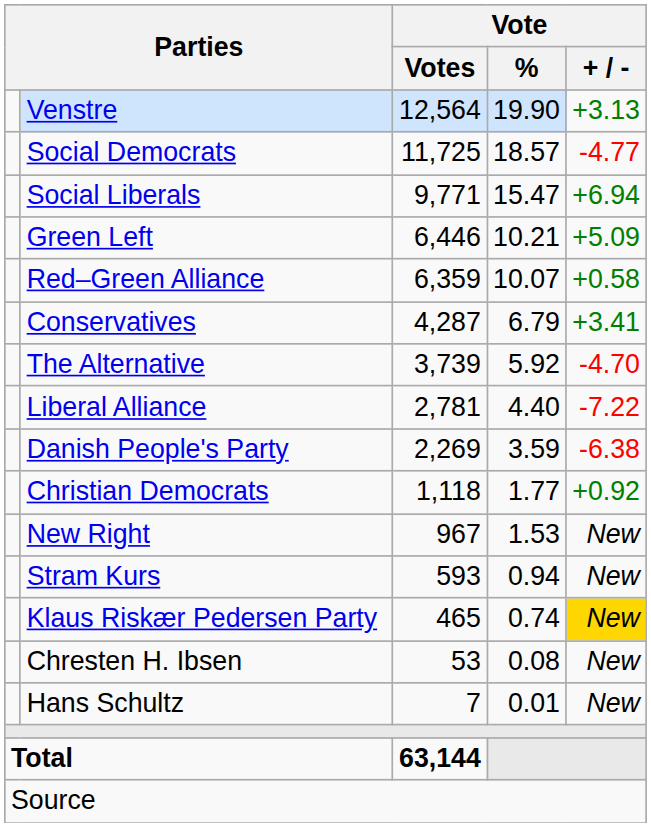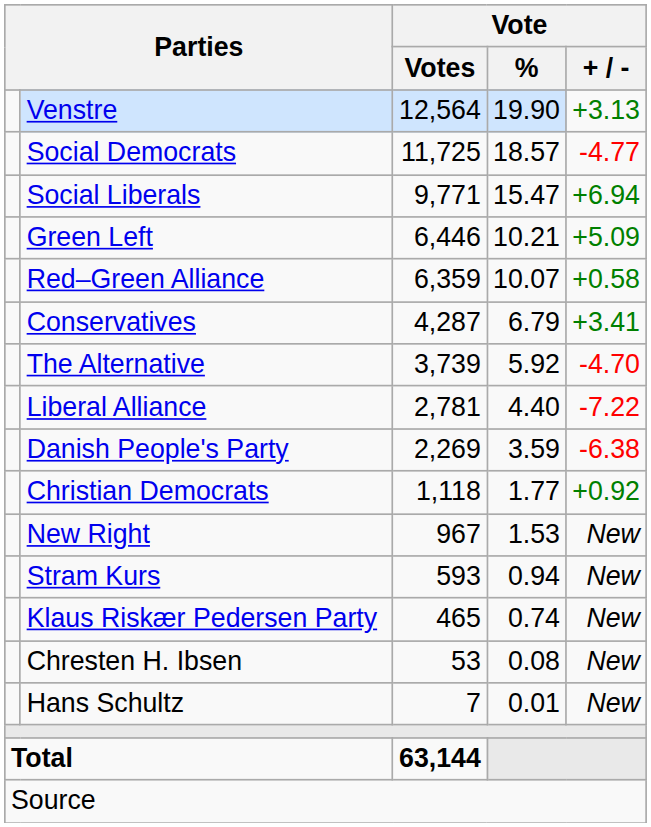 <table class="wikitable" style="text-align:right;">
 <tr>
 <th style="text-align:centre;" rowspan="2" colspan="2" width="225">Parties</th>
 <th colspan="3">Vote</th>
 </tr>
 <tr>
 <th width="15">Votes</th>
 <th width="15">%</th>
 <th width="15">+ / -</th>
 </tr>
 <tr>
 <td width="2" style="color:inherit;background:"></td>
 <td bgcolor=#cfe5fe  align="left"><a href='#'>Venstre</a></td>
 <td bgcolor=#cfe5fe>12,564</td>
 <td bgcolor=#cfe5fe>19.90</td>
 <td style=color:green;>+3.13</td>
 </tr>
 <tr>
 <td width="2" style="color:inherit;background:"></td>
 <td align="left"><a href='#'>Social Democrats</a></td>
 <td>11,725</td>
 <td>18.57</td>
 <td style=color:red;>-4.77</td>
 </tr>
 <tr>
 <td width="2" style="color:inherit;background:"></td>
 <td align="left"><a href='#'>Social Liberals</a></td>
 <td>9,771</td>
 <td>15.47</td>
 <td style=color:green;>+6.94</td>
 </tr>
 <tr>
 <td width="2" style="color:inherit;background:"></td>
 <td align="left"><a href='#'>Green Left</a></td>
 <td>6,446</td>
 <td>10.21</td>
 <td style=color:green;>+5.09</td>
 </tr>
 <tr>
 <td width="2" style="color:inherit;background:"></td>
 <td align="left"><a href='#'>Red–Green Alliance</a></td>
 <td>6,359</td>
 <td>10.07</td>
 <td style=color:green;>+0.58</td>
 </tr>
 <tr>
 <td width="2" style="color:inherit;background:"></td>
 <td align="left"><a href='#'>Conservatives</a></td>
 <td>4,287</td>
 <td>6.79</td>
 <td style=color:green;>+3.41</td>
 </tr>
 <tr>
 <td width="2" style="color:inherit;background:"></td>
 <td align="left"><a href='#'>The Alternative</a></td>
 <td>3,739</td>
 <td>5.92</td>
 <td style=color:red;>-4.70</td>
 </tr>
 <tr>
 <td width="2" style="color:inherit;background:"></td>
 <td align="left"><a href='#'>Liberal Alliance</a></td>
 <td>2,781</td>
 <td>4.40</td>
 <td style=color:red;>-7.22</td>
 </tr>
 <tr>
 <td width="2" style="color:inherit;background:"></td>
 <td align="left"><a href='#'>Danish People's Party</a></td>
 <td>2,269</td>
 <td>3.59</td>
 <td style=color:red;>-6.38</td>
 </tr>
 <tr>
 <td width="2" style="color:inherit;background:"></td>
 <td align="left"><a href='#'>Christian Democrats</a></td>
 <td>1,118</td>
 <td>1.77</td>
 <td style=color:green;>+0.92</td>
 </tr>
 <tr>
 <td width="2" style="color:inherit;background:"></td>
 <td align="left"><a href='#'>New Right</a></td>
 <td>967</td>
 <td>1.53</td>
 <td><em>New</em></td>
 </tr>
 <tr>
 <td width="2" style="color:inherit;background:"></td>
 <td align="left"><a href='#'>Stram Kurs</a></td>
 <td>593</td>
 <td>0.94</td>
 <td><em>New</em></td>
 </tr>
 <tr>
 <td width="2" style="color:inherit;background:"></td>
 <td align="left"><a href='#'>Klaus Riskær Pedersen Party</a></td>
 <td>465</td>
 <td>0.74</td>
-<td style="background: gold;"><em>New</em></td>
+<td><em>New</em></td>
 </tr>
 <tr>
 <td width="2" style="color:inherit;background:"></td>
 <td align="left">Chresten H. Ibsen</td>
 <td>53</td>
 <td>0.08</td>
 <td><em>New</em></td>
 </tr>
 <tr>
 <td width="2" style="color:inherit;background:"></td>
 <td align="left">Hans Schultz</td>
 <td>7</td>
 <td>0.01</td>
 <td><em>New</em></td>
 </tr>
 <tr>
 <td colspan="7" bgcolor="#E9E9E9"></td>
 </tr>
 <tr>
 <td align="left" colspan="2"><strong>Total</strong></td>
 <td><strong>63,144</strong></td>
 <td bgcolor="#E9E9E9" colspan="2"></td>
 </tr>
 <tr>
 <td align="left" colspan="6">Source</td>
 </tr>
 </table>
